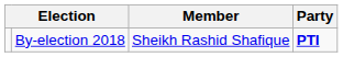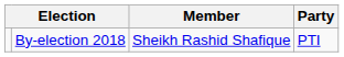 <table class="wikitable">
 <tr>
 <th colspan="2">Election</th>
 <th>Member</th>
 <th>Party</th>
 </tr>
 <tr>
 <td style="background-color: "></td>
 <td><a href='#'>By-election 2018</a></td>
 <td><a href='#'>Sheikh Rashid Shafique</a></td>
-<td><strong><a href='#'>PTI</a></strong></td>
+<td><a href='#'>PTI</a></td>
 </tr>
 </table>
